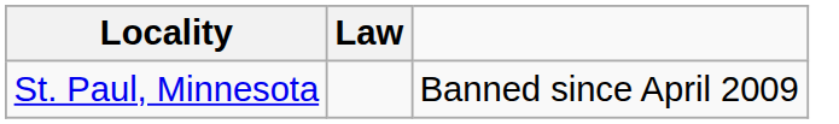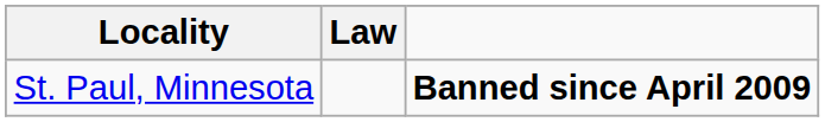 <table class="wikitable sortable">
 <tr>
 <th>Locality</th>
 <th>Law</th>
 </tr>
 <tr>
 <td><a href='#'>St. Paul, Minnesota</a></td>
 <td></td>
-<td>Banned since April 2009</td>
+<td><strong>Banned since April 2009</strong></td>
 </tr>
 </table>
